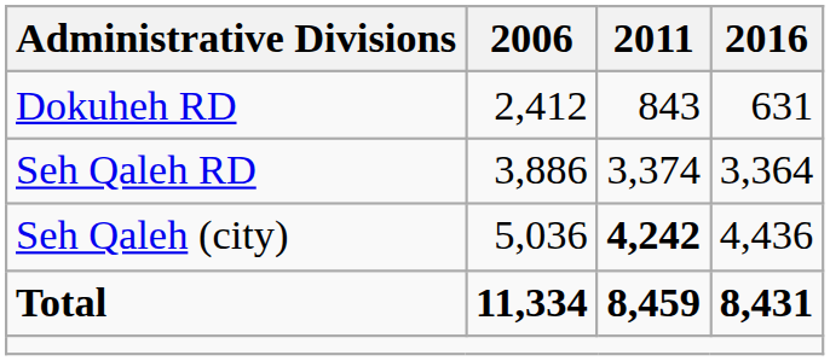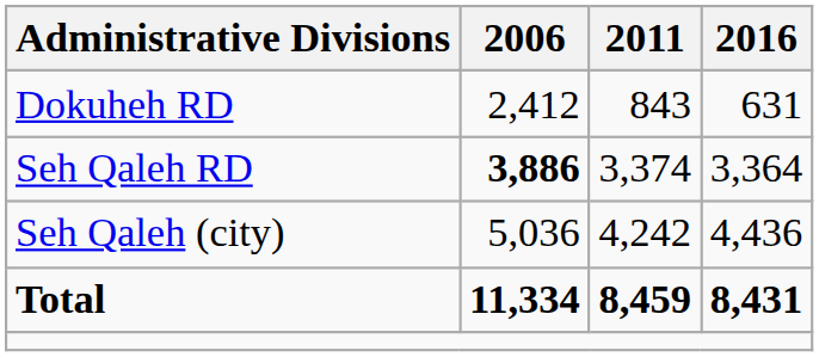 <table class="wikitable">
 <tr>
 <th>Administrative Divisions</th>
 <th>2006</th>
 <th>2011</th>
 <th>2016</th>
 </tr>
 <tr>
 <td><a href='#'>Dokuheh RD</a></td>
 <td style="text-align: right;">2,412</td>
 <td style="text-align: right;">843</td>
 <td style="text-align: right;">631</td>
 </tr>
 <tr>
 <td><a href='#'>Seh Qaleh RD</a></td>
-<td style="text-align: right;">3,886</td>
+<td style="text-align: right;"><strong>3,886</strong></td>
 <td style="text-align: right;">3,374</td>
 <td style="text-align: right;">3,364</td>
 </tr>
 <tr>
 <td><a href='#'>Seh Qaleh</a> (city)</td>
 <td style="text-align: right;">5,036</td>
-<td style="text-align: right;"><strong>4,242</strong></td>
+<td style="text-align: right;">4,242</td>
 <td style="text-align: right;">4,436</td>
 </tr>
 <tr>
 <td><strong>Total</strong></td>
 <td style="text-align: right;"><strong>11,334</strong></td>
 <td style="text-align: right;"><strong>8,459</strong></td>
 <td style="text-align: right;"><strong>8,431</strong></td>
 </tr>
 <tr>
 <td colspan=4></td>
 </tr>
 </table>
